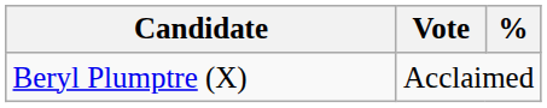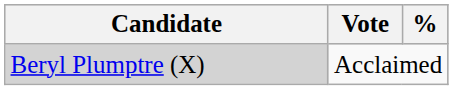 <table class="wikitable">
 <tr>
 <th bgcolor="#DDDDFF" width="200px">Candidate</th>
 <th bgcolor="#DDDDFF">Vote</th>
 <th bgcolor="#DDDDFF">%</th>
 </tr>
 <tr>
-<td><a href='#'>Beryl Plumptre</a> (X)</td>
+<td style="background: lightgrey;"><a href='#'>Beryl Plumptre</a> (X)</td>
 <td colspan="2">Acclaimed</td>
 </tr>
 </table>
